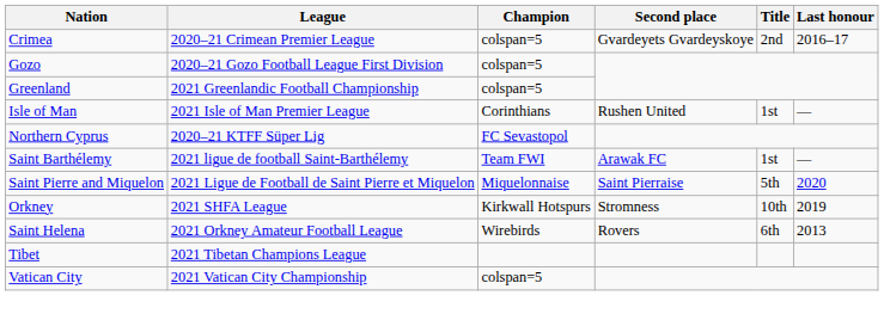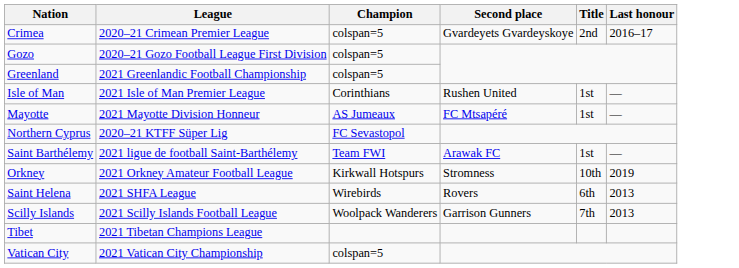 <table class=wikitable style="font-size:14px">
 <tr>
 <th>Nation</th>
 <th>League</th>
 <th>Champion</th>
 <th>Second place</th>
 <th data-sort-type="number">Title</th>
 <th>Last honour</th>
 </tr>
 <tr>
 <td align=left> <a href='#'>Crimea</a></td>
 <td align=left><a href='#'>2020–21 Crimean Premier League</a></td>
 <td>colspan=5 </td>
 <td>Gvardeyets Gvardeyskoye</td>
 <td>2nd</td>
 <td>2016–17</td>
 </tr>
 <tr>
 <td align=left> <a href='#'>Gozo</a></td>
 <td align=left><a href='#'>2020–21 Gozo Football League First Division</a></td>
 <td>colspan=5 </td>
 </tr>
 <tr>
 <td align=left> <a href='#'>Greenland</a></td>
 <td align=left><a href='#'>2021 Greenlandic Football Championship</a></td>
 <td>colspan=5 </td>
 </tr>
 <tr>
 <td align=left> <a href='#'>Isle of Man</a></td>
 <td align=left><a href='#'>2021 Isle of Man Premier League</a></td>
 <td>Corinthians</td>
 <td>Rushen United</td>
 <td>1st</td>
 <td>—</td>
 </tr>
 <tr>
+<td align=left> <a href='#'>Mayotte</a></td>
+<td align=left><a href='#'>2021 Mayotte Division Honneur</a></td>
+<td><a href='#'>AS Jumeaux</a></td>
+<td><a href='#'>FC Mtsapéré</a></td>
+<td>1st</td>
+<td>—</td>
+</tr>
+<tr>
 <td align=left> <a href='#'>Northern Cyprus</a></td>
 <td align=left><a href='#'>2020–21 KTFF Süper Lig</a></td>
 <td><a href='#'>FC Sevastopol</a></td>
 </tr>
 <tr>
 <td align=left> <a href='#'>Saint Barthélemy</a></td>
 <td align=left><a href='#'>2021 ligue de football Saint-Barthélemy</a></td>
 <td><a href='#'>Team FWI</a></td>
 <td><a href='#'>Arawak FC</a></td>
 <td>1st</td>
 <td>—</td>
 </tr>
 <tr>
-<td align=left> <a href='#'>Saint Pierre and Miquelon</a></td>
-<td align=left><a href='#'>2021 Ligue de Football de Saint Pierre et Miquelon</a></td>
-<td><a href='#'>Miquelonnaise</a></td>
-<td><a href='#'>Saint Pierraise</a></td>
-<td>5th</td>
-<td><a href='#'>2020</a></td>
-</tr>
-<tr>
 <td align=left> <a href='#'>Orkney</a></td>
-<td align=left><a href='#'>2021 SHFA League</a></td>
+<td align=left><a href='#'>2021 Orkney Amateur Football League</a></td>
 <td>Kirkwall Hotspurs</td>
 <td>Stromness</td>
 <td>10th</td>
 <td>2019</td>
 </tr>
 <tr>
 <td align=left> <a href='#'>Saint Helena</a></td>
-<td align=left><a href='#'>2021 Orkney Amateur Football League</a></td>
+<td align=left><a href='#'>2021 SHFA League</a></td>
 <td>Wirebirds</td>
 <td>Rovers</td>
 <td>6th</td>
+<td>2013</td>
+</tr>
+<tr>
+<td align=left><a href='#'>Scilly Islands</a></td>
+<td align=left><a href='#'>2021 Scilly Islands Football League</a></td>
+<td>Woolpack Wanderers</td>
+<td>Garrison Gunners</td>
+<td>7th</td>
 <td>2013</td>
 </tr>
 <tr>
 <td align=left> <a href='#'>Tibet</a></td>
 <td align=left><a href='#'>2021 Tibetan Champions League</a></td>
 <td></td>
 <td></td>
 <td></td>
 <td></td>
 </tr>
 <tr>
 <td align=left> <a href='#'>Vatican City</a></td>
 <td align=left><a href='#'>2021 Vatican City Championship</a></td>
 <td>colspan=5 </td>
 </tr>
 </table>
